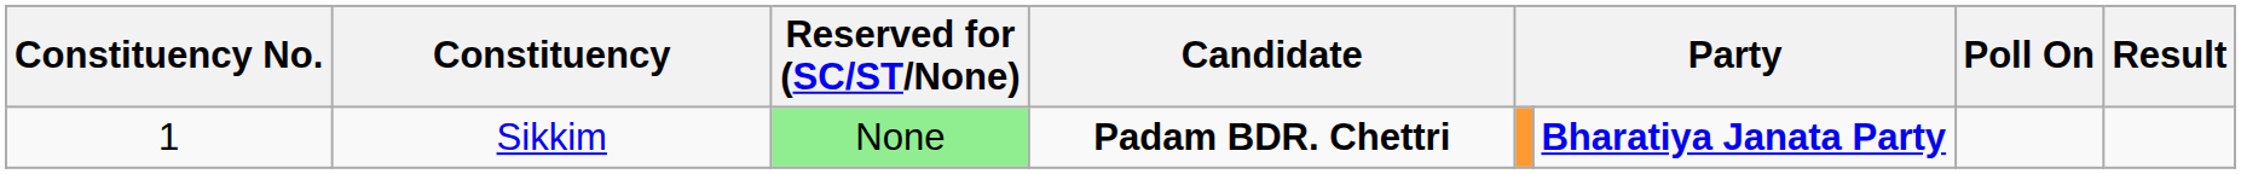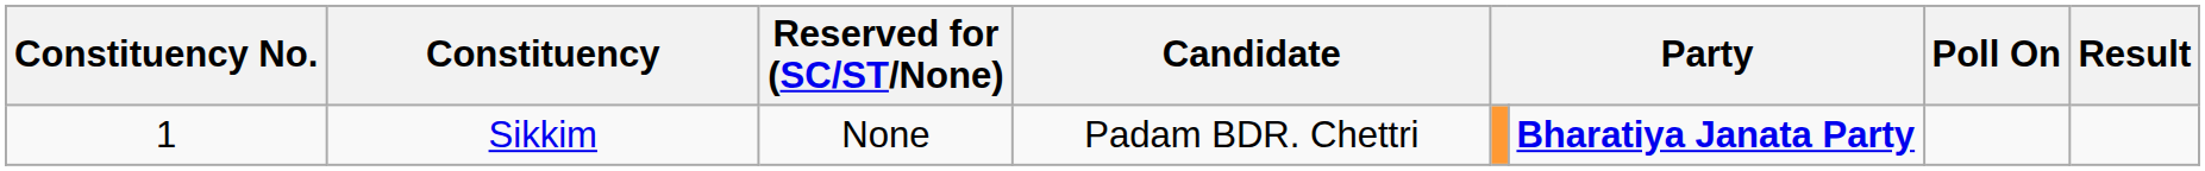 <table class="wikitable sortable" style="text-align:center">
 <tr>
 <th>Constituency No.</th>
 <th style="width:180px;">Constituency</th>
 <th>Reserved for<br>(<a href='#'>SC/ST</a>/None)</th>
 <th style="width:200px;">Candidate</th>
 <th colspan="2">Party</th>
 <th>Poll On</th>
 <th>Result</th>
 </tr>
 <tr>
 <td style="text-align:center;">1</td>
 <td><a href='#'>Sikkim</a></td>
-<td style="background: lightgreen;">None</td>
-<td><strong>Padam BDR. Chettri</strong></td>
+<td>None</td>
+<td>Padam BDR. Chettri</td>
 <td bgcolor=#FF9933></td>
 <td><strong><a href='#'>Bharatiya Janata Party</a></strong></td>
 <td></td>
 <td></td>
 </tr>
 </table>
